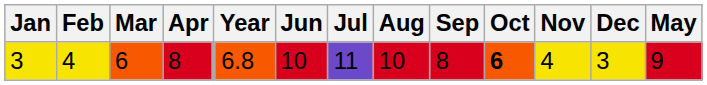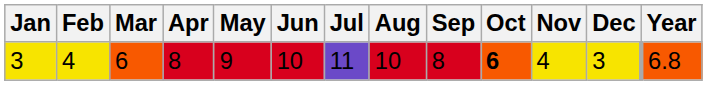 <table class="wikitable" style="margin: 1em auto;">
 <tr>
 <th>Jan</th>
 <th>Feb</th>
 <th>Mar</th>
 <th>Apr</th>
-<th>Year</th>
+<th>May</th>
 <th>Jun</th>
 <th>Jul</th>
 <th>Aug</th>
 <th>Sep</th>
 <th>Oct</th>
 <th>Nov</th>
 <th>Dec</th>
-<th>May</th>
+<th>Year</th>
 </tr>
 <tr>
 <td style="background:#f7e400;color:#000000;">3</td>
 <td style="background:#f7e400;color:#000000;">4</td>
 <td style="background:#f85900;color:#000000;">6</td>
 <td style="background:#d8001d;color:#000000;">8</td>
-<td style="background:#f85900;color:#000000;border-left-width:medium">6.8</td>
+<td style="background:#d8001d;color:#000000;">9</td>
 <td style="background:#d8001d;color:#000000;">10</td>
 <td style="background:#6b49c8;color:#000000;">11</td>
 <td style="background:#d8001d;color:#000000;">10</td>
 <td style="background:#d8001d;color:#000000;">8</td>
 <td style="background:#f85900;color:#000000;"><strong>6</strong></td>
 <td style="background:#f7e400;color:#000000;">4</td>
 <td style="background:#f7e400;color:#000000;">3</td>
-<td style="background:#d8001d;color:#000000;">9</td>
+<td style="background:#f85900;color:#000000;border-left-width:medium">6.8</td>
 </tr>
 </table>
